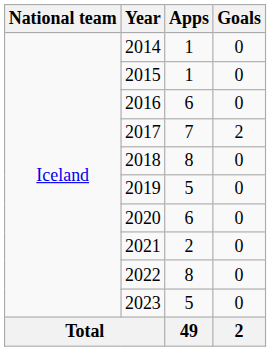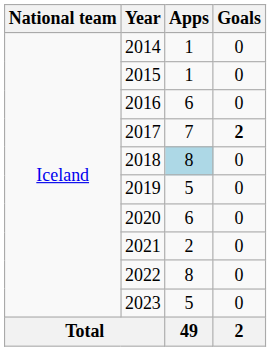 <table class="wikitable" style="text-align:center">
 <tr>
 <th>National team</th>
 <th>Year</th>
 <th>Apps</th>
 <th>Goals</th>
 </tr>
 <tr>
 <td rowspan="10"><a href='#'>Iceland</a></td>
 <td>2014</td>
 <td>1</td>
 <td>0</td>
 </tr>
 <tr>
 <td>2015</td>
 <td>1</td>
 <td>0</td>
 </tr>
 <tr>
 <td>2016</td>
 <td>6</td>
 <td>0</td>
 </tr>
 <tr>
 <td>2017</td>
 <td>7</td>
-<td>2</td>
+<td><strong>2</strong></td>
 </tr>
 <tr>
 <td>2018</td>
-<td>8</td>
+<td style="background: lightblue;">8</td>
 <td>0</td>
 </tr>
 <tr>
 <td>2019</td>
 <td>5</td>
 <td>0</td>
 </tr>
 <tr>
 <td>2020</td>
 <td>6</td>
 <td>0</td>
 </tr>
 <tr>
 <td>2021</td>
 <td>2</td>
 <td>0</td>
 </tr>
 <tr>
 <td>2022</td>
 <td>8</td>
 <td>0</td>
 </tr>
 <tr>
 <td>2023</td>
 <td>5</td>
 <td>0</td>
 </tr>
 <tr>
 <th colspan="2">Total</th>
 <th>49</th>
 <th>2</th>
 </tr>
 </table>
